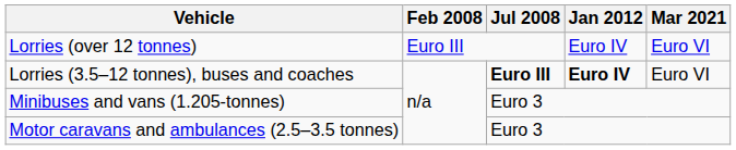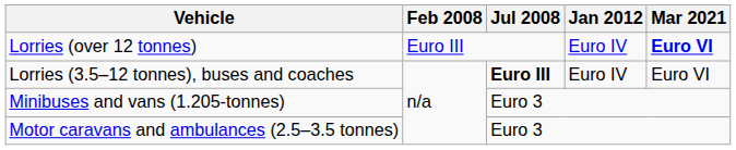 <table class="wikitable" style="margin:auto;">
 <tr>
 <th>Vehicle</th>
 <th>Feb 2008</th>
 <th>Jul 2008</th>
 <th>Jan 2012</th>
 <th>Mar 2021</th>
 </tr>
 <tr>
 <td><a href='#'>Lorries</a> (over 12 <a href='#'>tonnes</a>)</td>
 <td colspan="2"><a href='#'>Euro III</a></td>
 <td><a href='#'>Euro IV</a></td>
-<td><a href='#'>Euro VI</a></td>
+<td><strong><a href='#'>Euro VI</a></strong></td>
 </tr>
 <tr>
 <td>Lorries (3.5–12 tonnes), buses and coaches</td>
 <td rowspan="3">n/a</td>
 <td><strong>Euro III</strong></td>
-<td><strong>Euro IV</strong></td>
+<td>Euro IV</td>
 <td>Euro VI</td>
 </tr>
 <tr>
 <td><a href='#'>Minibuses</a> and vans (1.205-tonnes)</td>
 <td colspan="3">Euro 3</td>
 </tr>
 <tr>
 <td><a href='#'>Motor caravans</a> and <a href='#'>ambulances</a> (2.5–3.5 tonnes)</td>
 <td colspan="3">Euro 3</td>
 </tr>
 </table>
